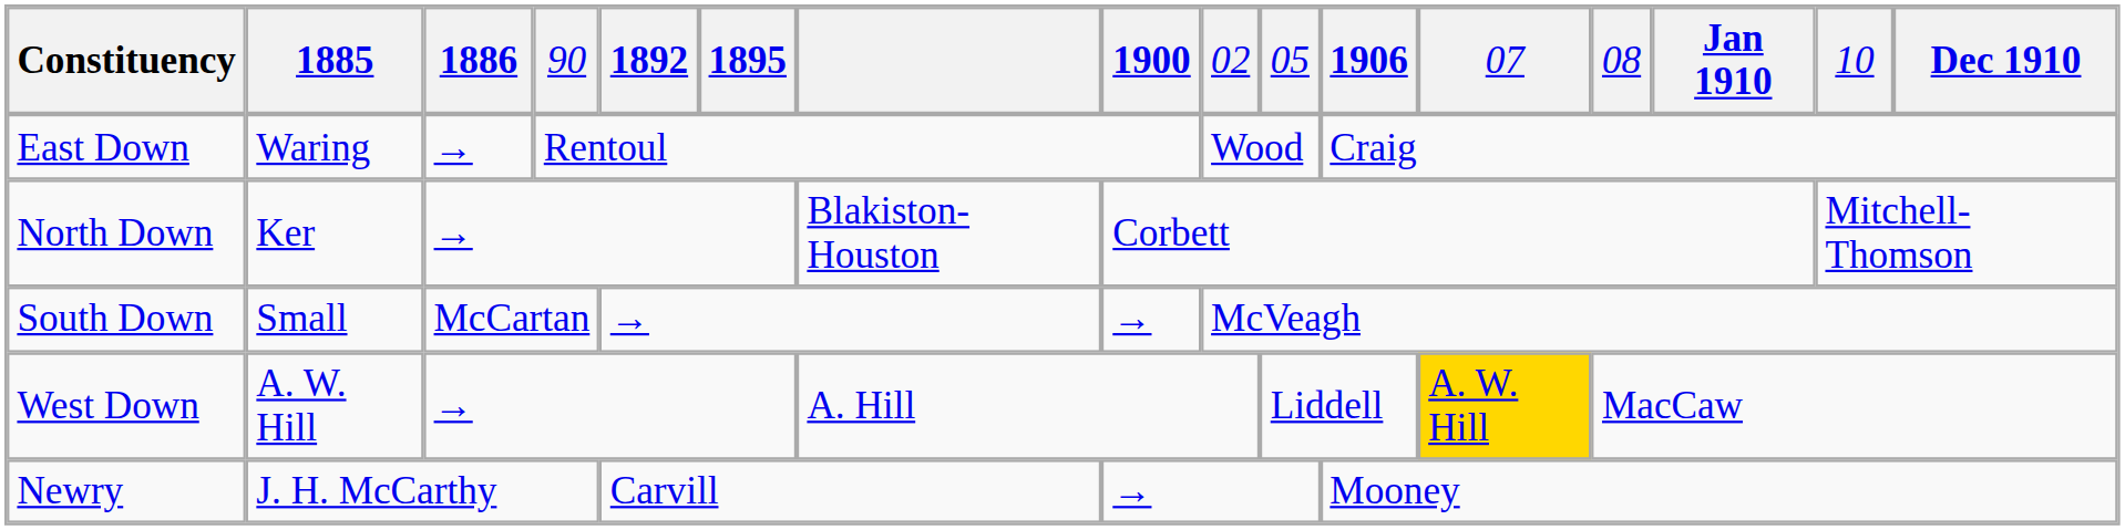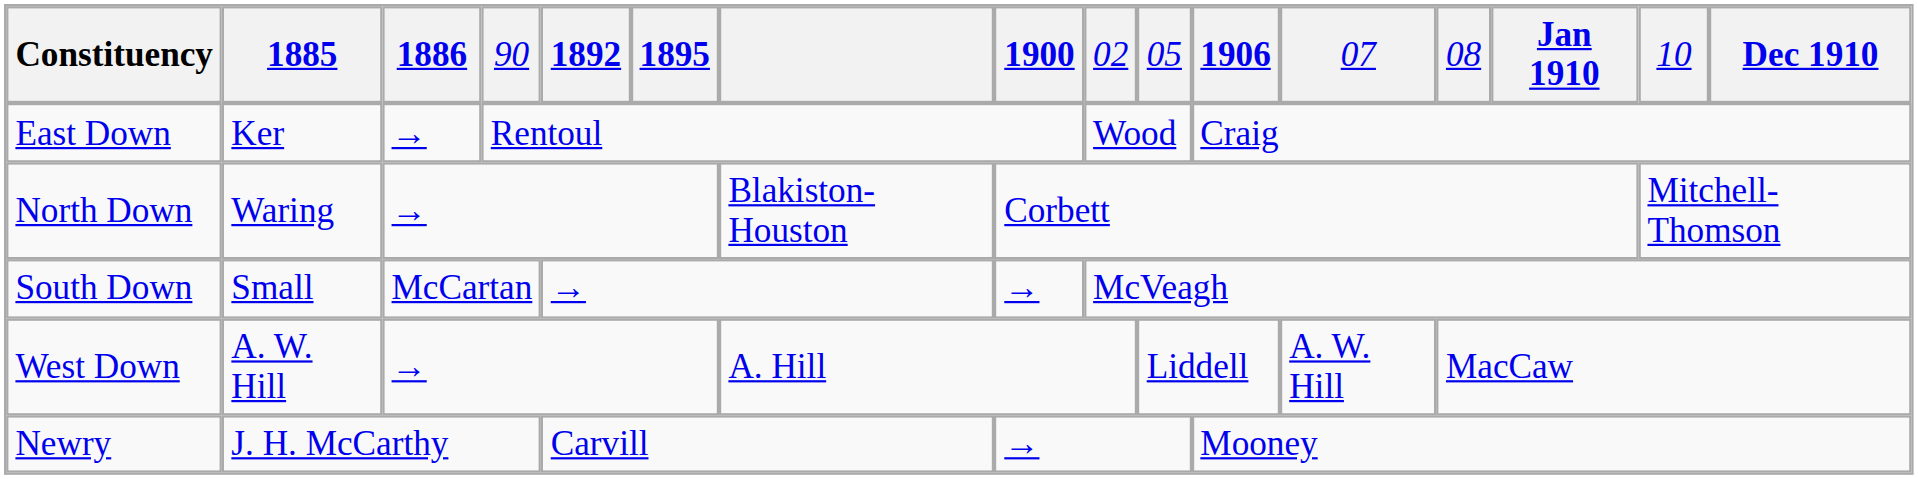 <table class="wikitable" style="border-collapse: separate; border-spacing: 0;">
 <tr>
 <th>Constituency</th>
 <th><a href='#'>1885</a></th>
 <th><a href='#'>1886</a></th>
 <th style="font-weight: normal;"><em><a href='#'>90</a></em></th>
 <th><a href='#'>1892</a></th>
 <th><a href='#'>1895</a></th>
 <th style="font-weight: normal;"><em></em></th>
 <th><a href='#'>1900</a></th>
 <th style="font-weight: normal;"><em><a href='#'>02</a></em></th>
 <th style="font-weight: normal;"><em><a href='#'>05</a></em></th>
 <th><a href='#'>1906</a></th>
 <th style="font-weight: normal;"><em><a href='#'>07</a></em></th>
 <th style="font-weight: normal;"><em><a href='#'>08</a></em></th>
 <th><a href='#'>Jan 1910</a></th>
 <th style="font-weight: normal;"><em><a href='#'>10</a></em></th>
 <th><a href='#'>Dec 1910</a></th>
 </tr>
 <tr>
 <td><a href='#'>East Down</a></td>
-<td><a href='#'>Waring</a></td>
+<td><a href='#'>Ker</a></td>
 <td><a href='#'>→</a></td>
 <td colspan="5"><a href='#'>Rentoul</a></td>
 <td colspan="2"><a href='#'>Wood</a></td>
 <td colspan="6"><a href='#'>Craig</a></td>
 </tr>
 <tr>
 <td><a href='#'>North Down</a></td>
-<td><a href='#'>Ker</a></td>
+<td><a href='#'>Waring</a></td>
 <td colspan="4"><a href='#'>→</a></td>
 <td><a href='#'>Blakiston-Houston</a></td>
 <td colspan="7"><a href='#'>Corbett</a></td>
 <td colspan="2"><a href='#'>Mitchell-Thomson</a></td>
 </tr>
 <tr>
 <td><a href='#'>South Down</a></td>
 <td><a href='#'>Small</a></td>
 <td colspan="2"><a href='#'>McCartan</a></td>
 <td colspan="3"><a href='#'>→</a></td>
 <td><a href='#'>→</a></td>
 <td colspan="8"><a href='#'>McVeagh</a></td>
 </tr>
 <tr>
 <td><a href='#'>West Down</a></td>
 <td><a href='#'>A. W. Hill</a></td>
 <td colspan="4"><a href='#'>→</a></td>
 <td colspan="3"><a href='#'>A. Hill</a></td>
 <td colspan="2"><a href='#'>Liddell</a></td>
-<td style="background: gold;"><a href='#'>A. W. Hill</a></td>
+<td><a href='#'>A. W. Hill</a></td>
 <td colspan="4"><a href='#'>MacCaw</a></td>
 </tr>
 <tr>
 <td><a href='#'>Newry</a></td>
 <td colspan="3"><a href='#'>J. H. McCarthy</a></td>
 <td colspan="3"><a href='#'>Carvill</a></td>
 <td colspan="3"><a href='#'>→</a></td>
 <td colspan="6"><a href='#'>Mooney</a></td>
 </tr>
 </table>
